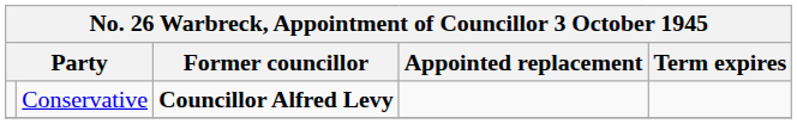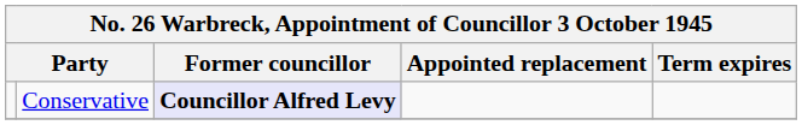 <table class="wikitable">
 <tr>
 <th colspan="5"><strong>No. 26 Warbreck, Appointment of Councillor 3 October 1945</strong></th>
 </tr>
 <tr>
 <th colspan="2">Party</th>
 <th>Former councillor</th>
 <th>Appointed replacement</th>
 <th>Term expires</th>
 </tr>
 <tr>
 <td style="background-color:"></td>
 <td><a href='#'>Conservative</a></td>
-<td><strong>Councillor Alfred Levy</strong></td>
+<td style="background: lavender;"><strong>Councillor Alfred Levy</strong></td>
 <td></td>
 <td></td>
 </tr>
 <tr>
 </tr>
 </table>
